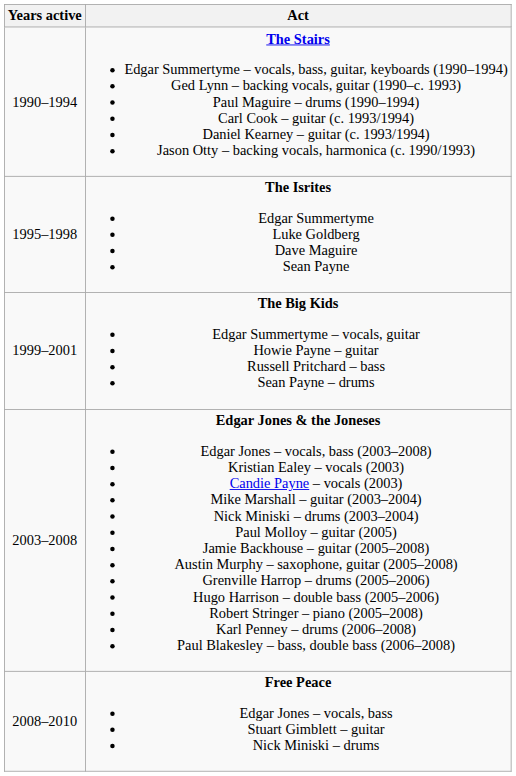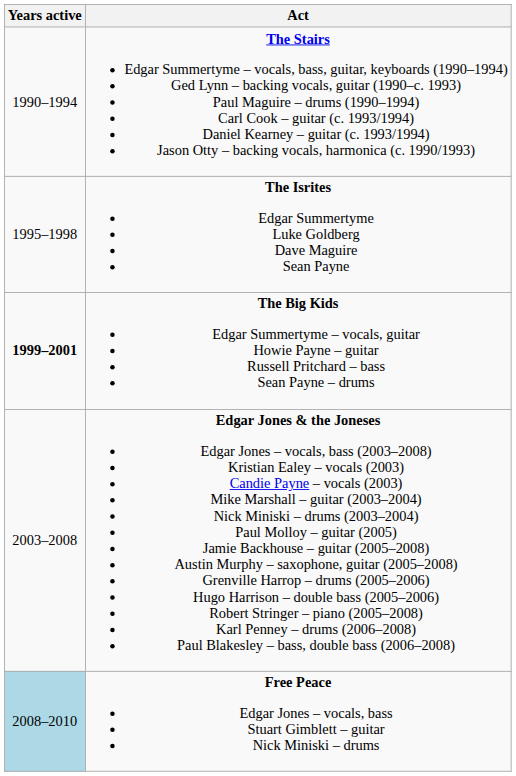 <table class="wikitable plainrowheaders" style="text-align:center;">
 <tr>
 <th scope="col">Years active</th>
 <th scope="col">Act</th>
 </tr>
 <tr>
 <td>1990–1994</td>
 <td><strong><a href='#'>The Stairs</a></strong><br><ul><li>Edgar Summertyme – vocals, bass, guitar, keyboards (1990–1994)</li><li>Ged Lynn – backing vocals, guitar (1990–c. 1993)</li><li>Paul Maguire – drums (1990–1994)</li><li>Carl Cook – guitar (c. 1993/1994)</li><li>Daniel Kearney – guitar (c. 1993/1994)</li><li>Jason Otty  – backing vocals, harmonica (c. 1990/1993)</li></ul></td>
 </tr>
 <tr>
 <td>1995–1998</td>
 <td><strong>The Isrites</strong><br><ul><li>Edgar Summertyme</li><li>Luke Goldberg</li><li>Dave Maguire</li><li>Sean Payne</li></ul></td>
 </tr>
 <tr>
-<td>1999–2001</td>
+<td><strong>1999–2001</strong></td>
 <td><strong>The Big Kids</strong><br><ul><li>Edgar Summertyme – vocals, guitar</li><li>Howie Payne – guitar</li><li>Russell Pritchard – bass</li><li>Sean Payne – drums</li></ul></td>
 </tr>
 <tr>
 <td>2003–2008</td>
 <td><strong>Edgar Jones & the Joneses</strong><br><ul><li>Edgar Jones – vocals, bass (2003–2008)</li><li>Kristian Ealey – vocals (2003)</li><li><a href='#'>Candie Payne</a> – vocals (2003)</li><li>Mike Marshall – guitar (2003–2004)</li><li>Nick Miniski – drums (2003–2004)</li><li>Paul Molloy – guitar (2005)</li><li>Jamie Backhouse – guitar (2005–2008)</li><li>Austin Murphy – saxophone, guitar (2005–2008)</li><li>Grenville Harrop – drums (2005–2006)</li><li>Hugo Harrison – double bass (2005–2006)</li><li>Robert Stringer – piano (2005–2008)</li><li>Karl Penney – drums (2006–2008)</li><li>Paul Blakesley – bass, double bass (2006–2008)</li></ul></td>
 </tr>
 <tr>
-<td>2008–2010</td>
+<td style="background: lightblue;">2008–2010</td>
 <td><strong>Free Peace</strong><br><ul><li>Edgar Jones – vocals, bass</li><li>Stuart Gimblett – guitar</li><li>Nick Miniski – drums</li></ul></td>
 </tr>
 </table>
